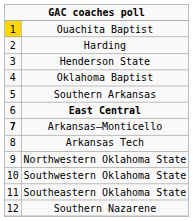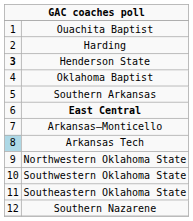 <table class="wikitable" style="display: inline-table;">
 <tr>
 <td align="center" Colspan="2"><strong>GAC coaches poll</strong></td>
 </tr>
 <tr align="center">
 </tr>
 <tr align="center">
-<td style="background: gold;">1</td>
+<td>1</td>
 <td>Ouachita Baptist</td>
 </tr>
 <tr align="center">
 <td>2</td>
 <td>Harding</td>
 </tr>
 <tr align="center">
-<td>3</td>
+<td><strong>3</strong></td>
 <td>Henderson State</td>
 </tr>
 <tr align="center">
 <td>4</td>
 <td>Oklahoma Baptist</td>
 </tr>
 <tr align="center">
 <td>5</td>
 <td>Southern Arkansas</td>
 </tr>
 <tr align="center">
 <td>6</td>
 <td><strong>East Central</strong></td>
 </tr>
 <tr align="center">
-<td><strong>7</strong></td>
+<td>7</td>
 <td>Arkansas–Monticello</td>
 </tr>
 <tr align="center">
-<td>8</td>
+<td style="background: lightblue;">8</td>
 <td>Arkansas Tech</td>
 </tr>
 <tr align="center">
 <td>9</td>
 <td>Northwestern Oklahoma State</td>
 </tr>
 <tr align="center">
 <td>10</td>
 <td>Southwestern Oklahoma State</td>
 </tr>
 <tr align="center">
 <td>11</td>
 <td>Southeastern Oklahoma State</td>
 </tr>
 <tr align="center">
 <td>12</td>
 <td>Southern Nazarene</td>
 </tr>
 <tr>
 </tr>
 </table>
